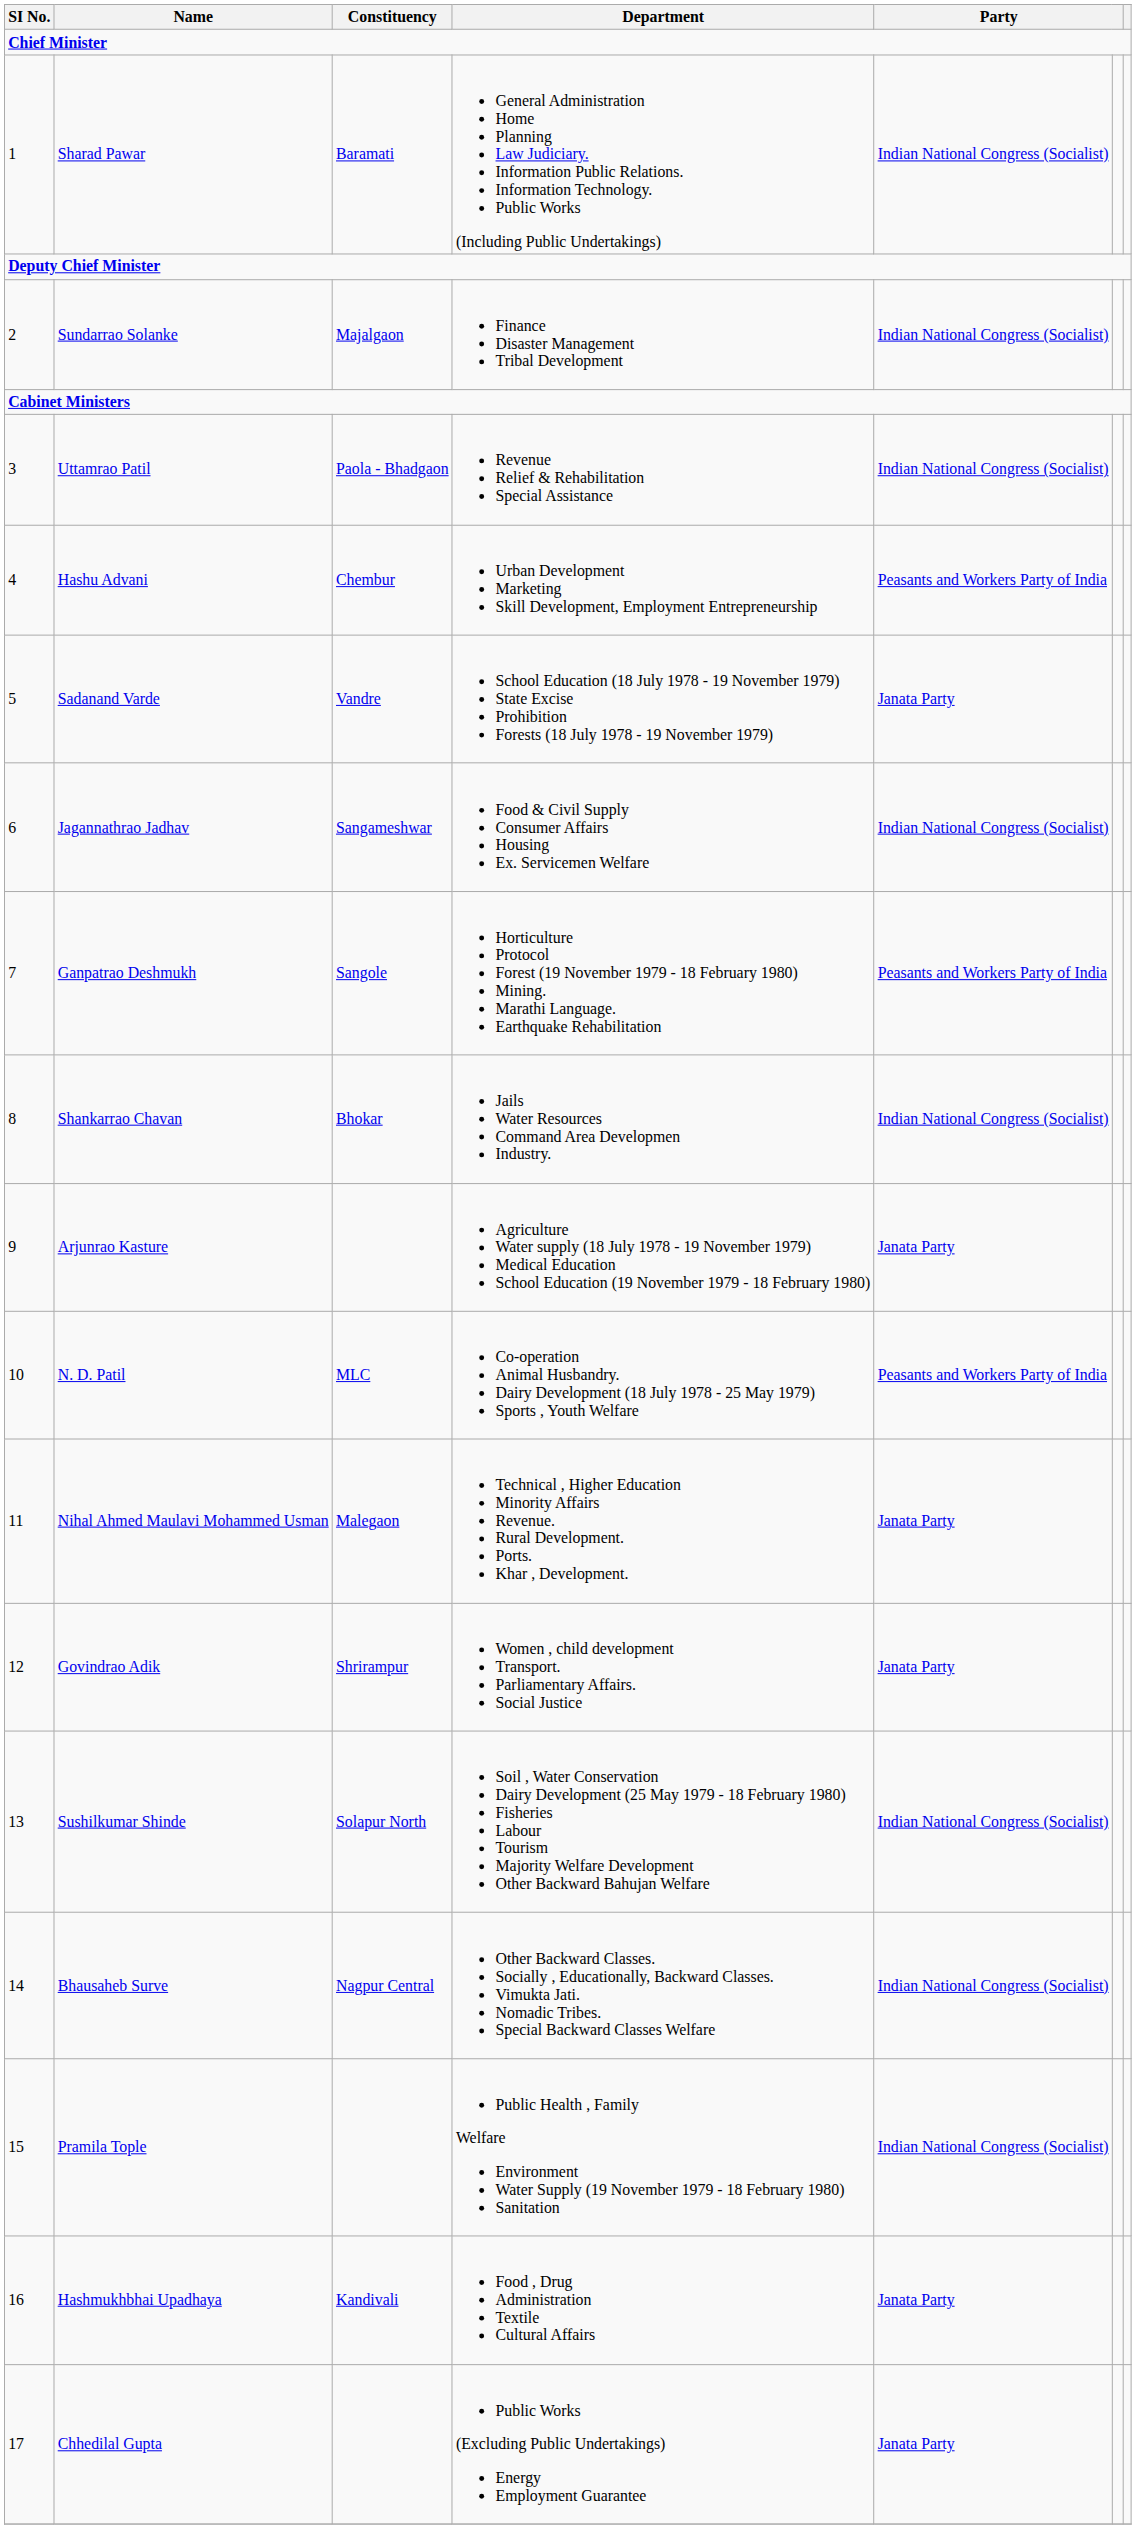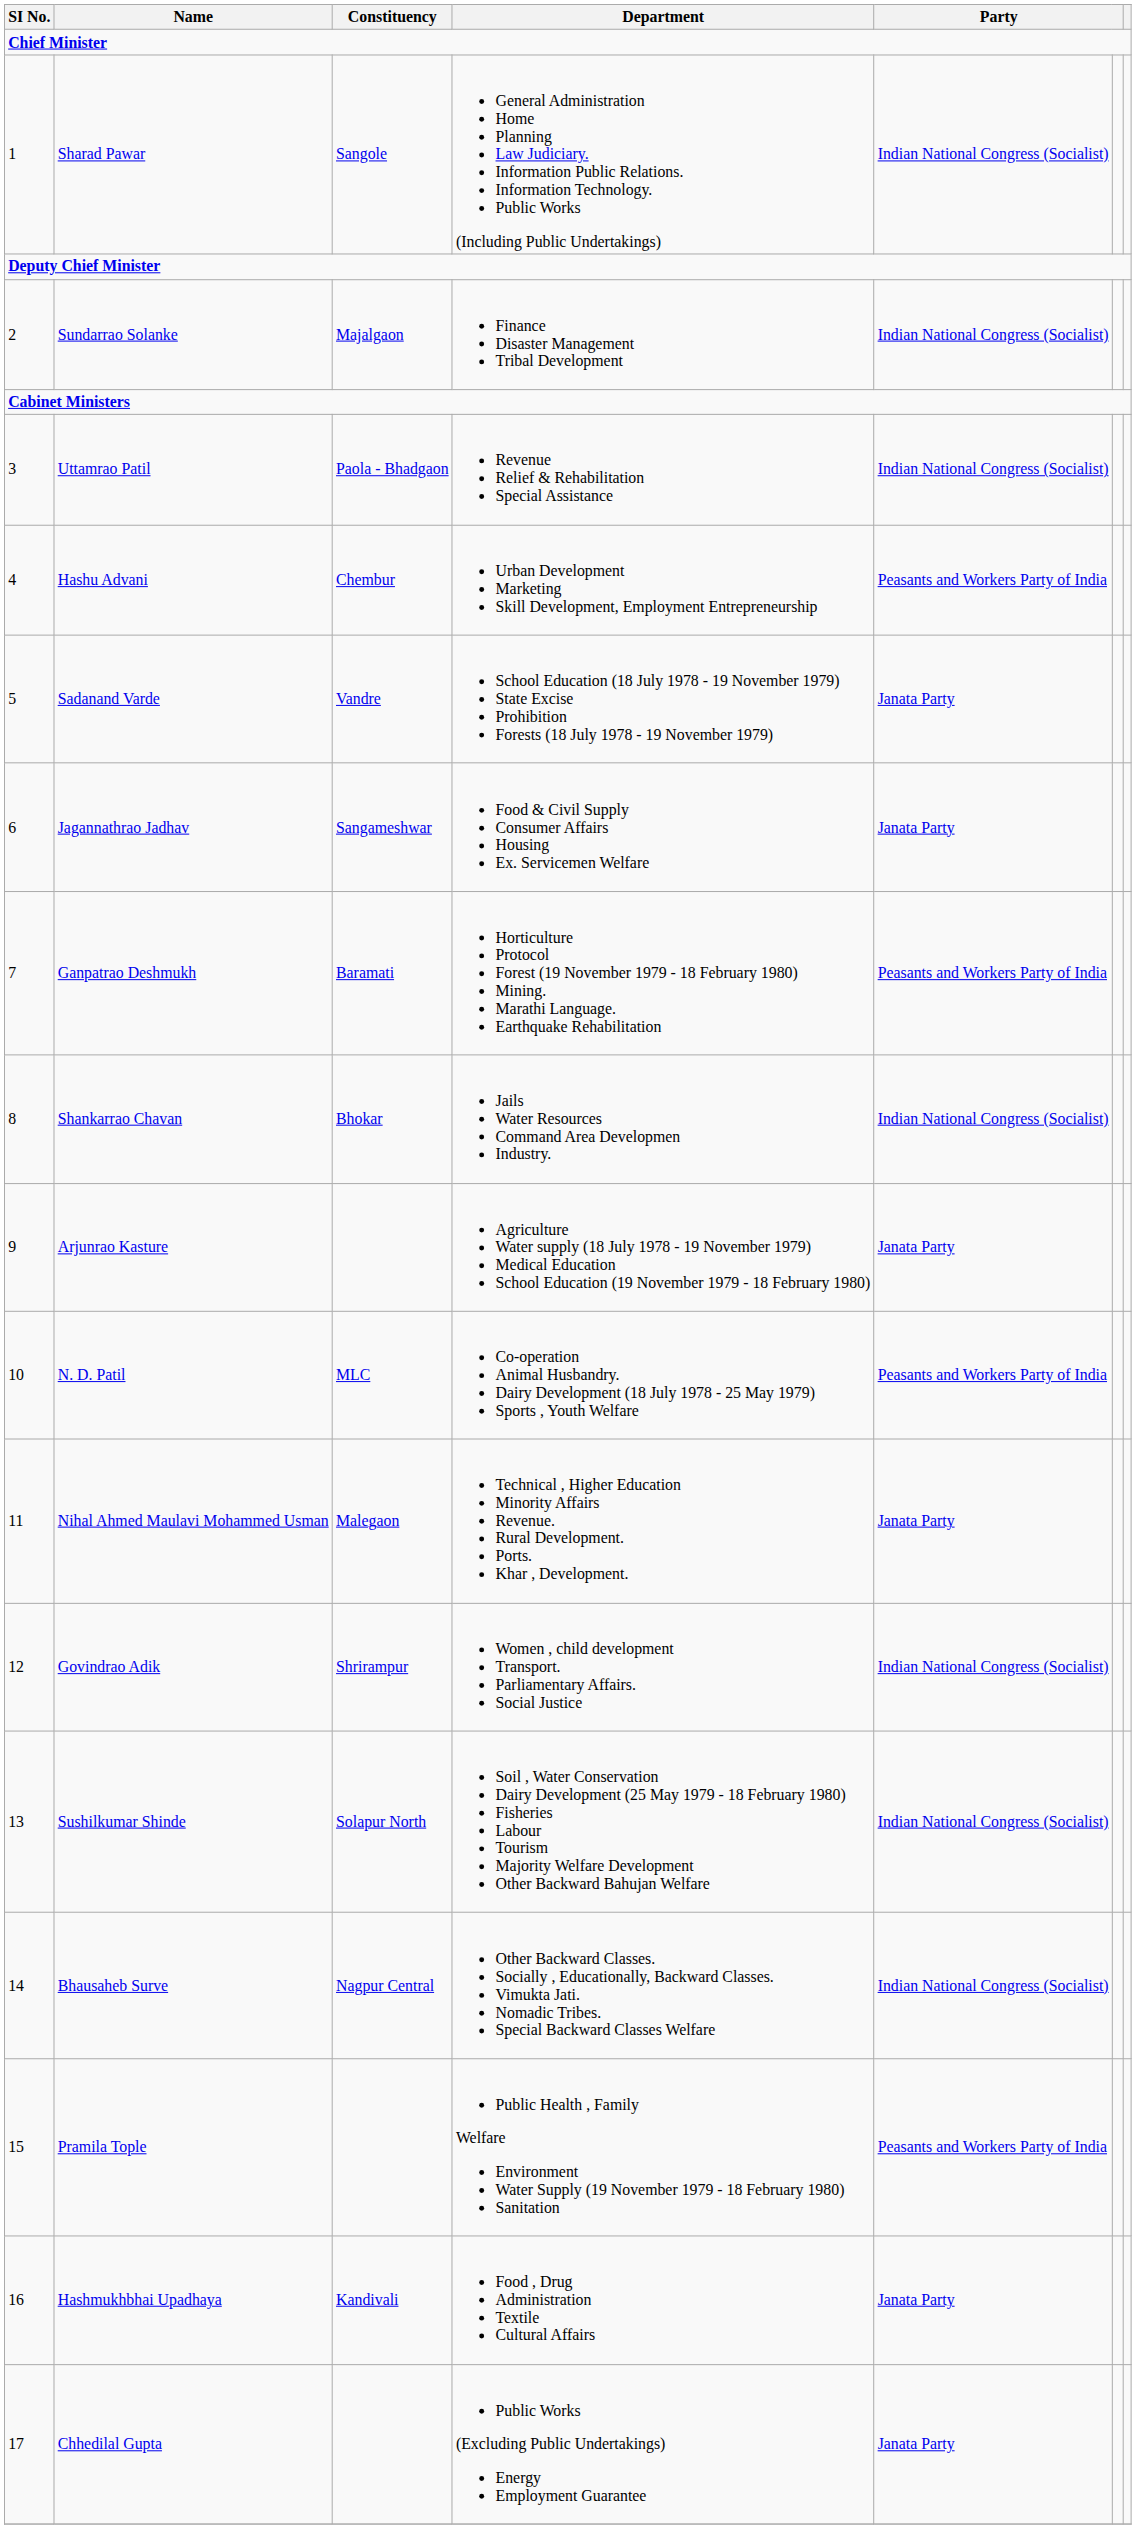 <table class="wikitable sortable">
 <tr>
 <th>SI No.</th>
 <th>Name</th>
 <th>Constituency</th>
 <th>Department</th>
 <th colspan="2" scope="col">Party</th>
 <th></th>
 </tr>
 <tr>
 <td colspan="7"><strong><a href='#'>Chief Minister</a></strong></td>
 </tr>
 <tr>
 <td>1</td>
 <td><a href='#'>Sharad Pawar</a></td>
-<td><a href='#'>Baramati</a></td>
+<td><a href='#'>Sangole</a></td>
 <td><br><ul><li>General Administration</li><li>Home</li><li>Planning</li><li><a href='#'>Law  Judiciary.</a></li><li>Information  Public Relations.</li><li>Information Technology.</li><li>Public Works</li></ul>(Including Public Undertakings)</td>
 <td><a href='#'>Indian National Congress (Socialist)</a></td>
 <td width="4px"></td>
 <td></td>
 </tr>
 <tr>
 <td colspan="7"><strong><a href='#'>Deputy Chief Minister</a></strong></td>
 </tr>
 <tr>
 <td>2</td>
 <td><a href='#'>Sundarrao Solanke</a></td>
 <td><a href='#'>Majalgaon</a></td>
 <td><br><ul><li>Finance</li><li>Disaster Management</li><li>Tribal Development</li></ul></td>
 <td><a href='#'>Indian National Congress (Socialist)</a></td>
 <td width="4px"></td>
 <td></td>
 </tr>
 <tr>
 <td colspan="7"><strong><a href='#'>Cabinet Ministers</a></strong></td>
 </tr>
 <tr>
 <td>3</td>
 <td><a href='#'>Uttamrao Patil</a></td>
 <td><a href='#'>Paola - Bhadgaon</a></td>
 <td><br><ul><li>Revenue</li><li>Relief & Rehabilitation</li><li>Special Assistance</li></ul></td>
 <td><a href='#'>Indian National Congress (Socialist)</a></td>
 <td width="4px"></td>
 <td></td>
 </tr>
 <tr>
 <td>4</td>
 <td><a href='#'>Hashu Advani</a></td>
 <td><a href='#'>Chembur</a></td>
 <td><br><ul><li>Urban Development</li><li>Marketing</li><li>Skill Development, Employment  Entrepreneurship</li></ul></td>
 <td><a href='#'>Peasants and Workers Party of India</a></td>
 <td width="4px"></td>
 <td></td>
 </tr>
 <tr>
 <td>5</td>
 <td><a href='#'>Sadanand Varde</a></td>
 <td><a href='#'>Vandre</a></td>
 <td><br><ul><li>School Education (18 July 1978 - 19 November 1979)</li><li>State Excise</li><li>Prohibition</li><li>Forests (18 July 1978 - 19 November 1979)</li></ul></td>
 <td><a href='#'>Janata Party</a></td>
 <td width="4px"></td>
 <td></td>
 </tr>
 <tr>
 <td>6</td>
 <td><a href='#'>Jagannathrao Jadhav</a></td>
 <td><a href='#'>Sangameshwar</a></td>
 <td><br><ul><li>Food & Civil Supply</li><li>Consumer Affairs</li><li>Housing</li><li>Ex. Servicemen Welfare</li></ul></td>
-<td><a href='#'>Indian National Congress (Socialist)</a></td>
+<td><a href='#'>Janata Party</a></td>
 <td width="4px"></td>
 <td></td>
 </tr>
 <tr>
 <td>7</td>
 <td><a href='#'>Ganpatrao Deshmukh</a></td>
-<td><a href='#'>Sangole</a></td>
+<td><a href='#'>Baramati</a></td>
 <td><br><ul><li>Horticulture</li><li>Protocol</li><li>Forest (19 November 1979 - 18 February 1980)</li><li>Mining.</li><li>Marathi Language.</li><li>Earthquake Rehabilitation</li></ul></td>
 <td><a href='#'>Peasants and Workers Party of India</a></td>
 <td width="4px"></td>
 <td></td>
 </tr>
 <tr>
 <td>8</td>
 <td><a href='#'>Shankarrao Chavan</a></td>
 <td><a href='#'>Bhokar</a></td>
 <td><br><ul><li>Jails</li><li>Water Resources</li><li>Command Area Developmen</li><li>Industry.</li></ul></td>
 <td><a href='#'>Indian National Congress (Socialist)</a></td>
 <td width="4px"></td>
 <td></td>
 </tr>
 <tr>
 <td>9</td>
 <td><a href='#'>Arjunrao Kasture</a></td>
 <td></td>
 <td><br><ul><li>Agriculture</li><li>Water supply (18 July 1978 - 19 November 1979)</li><li>Medical Education</li><li>School Education (19 November 1979 - 18 February 1980)</li></ul></td>
 <td><a href='#'>Janata Party</a></td>
 <td width="4px"></td>
 <td></td>
 </tr>
 <tr>
 <td>10</td>
 <td><a href='#'>N. D. Patil</a></td>
 <td><a href='#'>MLC</a></td>
 <td><br><ul><li>Co-operation</li><li>Animal Husbandry.</li><li>Dairy Development (18 July 1978 - 25 May 1979)</li><li>Sports , Youth Welfare</li></ul></td>
 <td><a href='#'>Peasants and Workers Party of India</a></td>
 <td width="4px"></td>
 <td></td>
 </tr>
 <tr>
 <td>11</td>
 <td><a href='#'>Nihal Ahmed Maulavi Mohammed Usman</a></td>
 <td><a href='#'>Malegaon</a></td>
 <td><br><ul><li>Technical , Higher Education</li><li>Minority Affairs</li><li>Revenue.</li><li>Rural Development.</li><li>Ports.</li><li>Khar , Development.</li></ul></td>
 <td><a href='#'>Janata Party</a></td>
 <td width="4px"></td>
 <td></td>
 </tr>
 <tr>
 <td>12</td>
 <td><a href='#'>Govindrao Adik</a></td>
 <td><a href='#'>Shrirampur</a></td>
 <td><br><ul><li>Women , child development</li><li>Transport.</li><li>Parliamentary Affairs.</li><li>Social Justice</li></ul></td>
-<td><a href='#'>Janata Party</a></td>
+<td><a href='#'>Indian National Congress (Socialist)</a></td>
 <td width="4px"></td>
 <td></td>
 </tr>
 <tr>
 <td>13</td>
 <td><a href='#'>Sushilkumar Shinde</a></td>
 <td><a href='#'>Solapur North</a></td>
 <td><br><ul><li>Soil , Water Conservation</li><li>Dairy Development (25 May 1979 - 18 February 1980)</li><li>Fisheries</li><li>Labour</li><li>Tourism</li><li>Majority Welfare Development</li><li>Other Backward Bahujan Welfare</li></ul></td>
 <td><a href='#'>Indian National Congress (Socialist)</a></td>
 <td width="4px"></td>
 <td></td>
 </tr>
 <tr>
 <td>14</td>
 <td><a href='#'>Bhausaheb Surve</a></td>
 <td><a href='#'>Nagpur Central</a></td>
 <td><br><ul><li>Other Backward Classes.</li><li>Socially , Educationally, Backward Classes.</li><li>Vimukta Jati.</li><li>Nomadic Tribes.</li><li>Special Backward Classes Welfare</li></ul></td>
 <td><a href='#'>Indian National Congress (Socialist)</a></td>
 <td width="4px"></td>
 <td></td>
 </tr>
 <tr>
 <td>15</td>
 <td><a href='#'>Pramila Tople</a></td>
 <td></td>
 <td><br><ul><li>Public Health , Family</li></ul>Welfare<ul><li>Environment</li><li>Water Supply (19 November 1979 - 18 February 1980)</li><li>Sanitation</li></ul></td>
-<td><a href='#'>Indian National Congress (Socialist)</a></td>
+<td><a href='#'>Peasants and Workers Party of India</a></td>
 <td width="4px"></td>
 <td></td>
 </tr>
 <tr>
 <td>16</td>
 <td><a href='#'>Hashmukhbhai Upadhaya</a></td>
 <td><a href='#'>Kandivali</a></td>
 <td><br><ul><li>Food , Drug</li><li>Administration</li><li>Textile</li><li>Cultural Affairs</li></ul></td>
 <td><a href='#'>Janata Party</a></td>
 <td width="4px"></td>
 <td></td>
 </tr>
 <tr>
 <td>17</td>
 <td><a href='#'>Chhedilal Gupta</a></td>
 <td></td>
 <td><br><ul><li>Public Works</li></ul>(Excluding Public Undertakings)<ul><li>Energy</li><li>Employment Guarantee</li></ul></td>
 <td><a href='#'>Janata Party</a></td>
 <td width="4px"></td>
 <td></td>
 </tr>
 <tr>
 </tr>
 </table>
